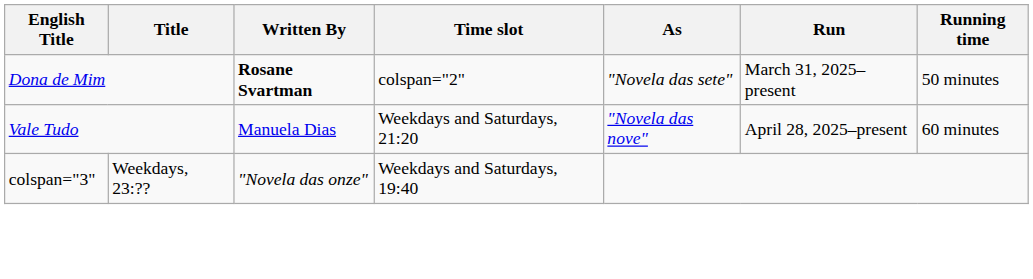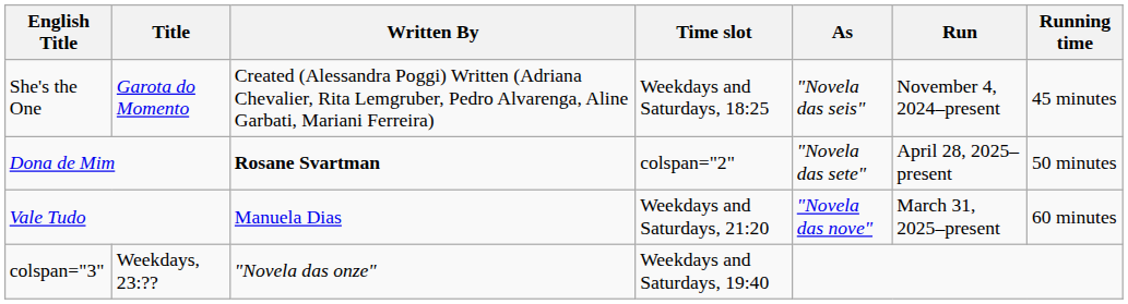 <table class="wikitable" style="width:95%; font-size:90%;">
 <tr>
 <th>English Title</th>
 <th>Title</th>
 <th>Written By</th>
 <th>Time slot</th>
 <th>As</th>
 <th>Run</th>
 <th>Running time</th>
 </tr>
 <tr>
+<td>She's the One</td>
+<td><em><a href='#'>Garota do Momento</a></em></td>
+<td>Created (Alessandra Poggi) Written (Adriana Chevalier, Rita Lemgruber, Pedro Alvarenga, Aline Garbati, Mariani Ferreira)</td>
+<td>Weekdays and Saturdays, 18:25</td>
+<td><em>"Novela das seis"</em></td>
+<td>November 4, 2024–present</td>
+<td>45 minutes</td>
+</tr>
+<tr>
 <td colspan="2"><em><a href='#'>Dona de Mim</a></em></td>
 <td><strong>Rosane Svartman</strong></td>
 <td>colspan="2" </td>
 <td><em>"Novela das sete"</em></td>
-<td>March 31, 2025–present</td>
+<td>April 28, 2025–present</td>
 <td>50 minutes</td>
 </tr>
 <tr>
 <td colspan="2"><em><a href='#'>Vale Tudo</a></em></td>
 <td><a href='#'>Manuela Dias</a></td>
 <td>Weekdays and Saturdays, 21:20</td>
 <td><em><a href='#'>"Novela das nove"</a></em></td>
-<td>April 28, 2025–present</td>
+<td>March 31, 2025–present</td>
 <td>60 minutes</td>
 </tr>
 <tr>
 <td>colspan="3" </td>
 <td>Weekdays, 23:??</td>
 <td><em>"Novela das onze"</em></td>
 <td>Weekdays and Saturdays, 19:40</td>
 </tr>
 </table>
